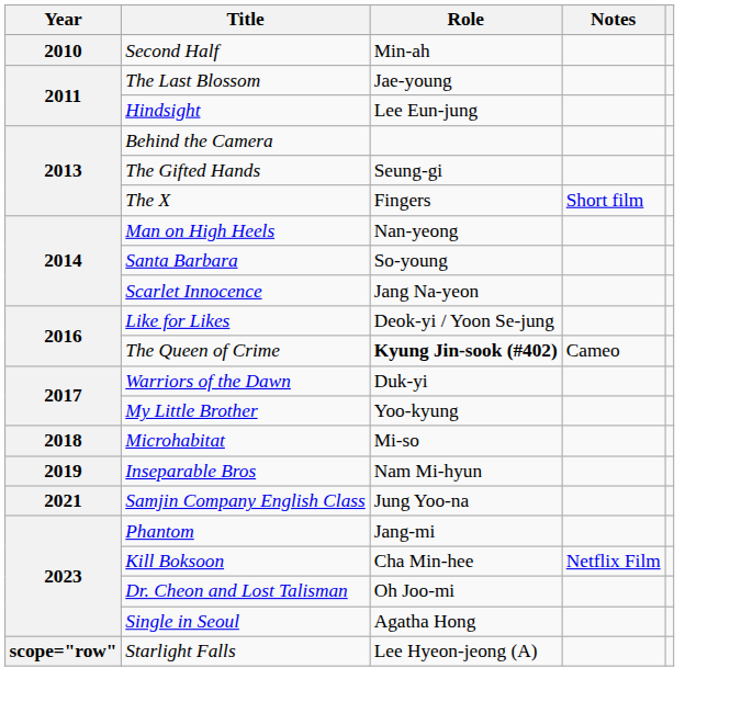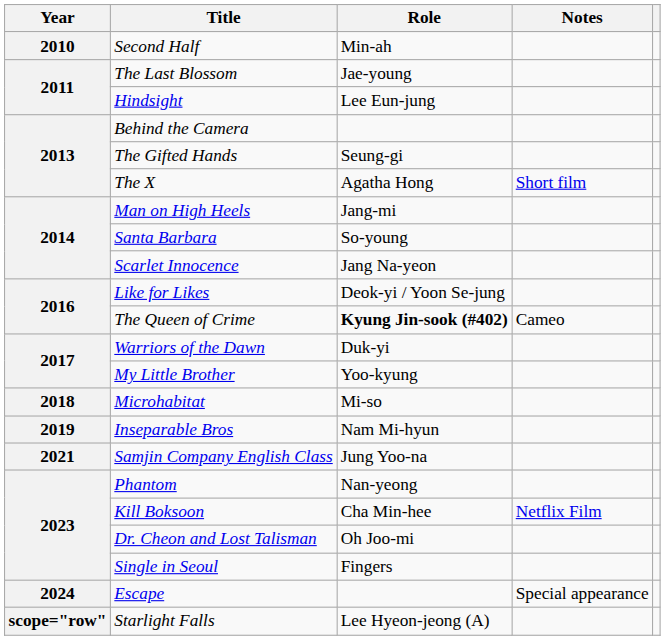 <table class="wikitable plainrowheaders sortable">
 <tr>
 <th scope="col">Year</th>
 <th scope="col">Title</th>
 <th scope="col">Role</th>
 <th scope="col">Notes</th>
 <th scope="col" class="unsortable"></th>
 </tr>
 <tr>
 <th scope="row">2010</th>
 <td><em>Second Half</em></td>
 <td>Min-ah</td>
 <td></td>
 <td style="text-align:center"></td>
 </tr>
 <tr>
 <th scope="row"  rowspan="2">2011</th>
 <td><em>The Last Blossom</em></td>
 <td>Jae-young</td>
 <td></td>
 <td style="text-align:center"></td>
 </tr>
 <tr>
 <td><em><a href='#'>Hindsight</a></em></td>
 <td>Lee Eun-jung</td>
 <td></td>
 <td style="text-align:center"></td>
 </tr>
 <tr>
 <th scope="row" rowspan="3">2013</th>
 <td><em>Behind the Camera</em></td>
 <td></td>
 <td></td>
 <td style="text-align:center"></td>
 </tr>
 <tr>
 <td><em>The Gifted Hands</em></td>
 <td>Seung-gi</td>
 <td></td>
 <td style="text-align:center"></td>
 </tr>
 <tr>
 <td><em>The X</em></td>
-<td>Fingers</td>
+<td>Agatha Hong</td>
 <td><a href='#'>Short film</a></td>
 <td style="text-align:center"></td>
 </tr>
 <tr>
 <th scope="row" rowspan="3">2014</th>
 <td><em><a href='#'>Man on High Heels</a></em></td>
-<td>Nan-yeong</td>
+<td>Jang-mi</td>
 <td></td>
 <td style="text-align:center"></td>
 </tr>
 <tr>
 <td><em><a href='#'>Santa Barbara</a></em></td>
 <td>So-young</td>
 <td></td>
 <td style="text-align:center"></td>
 </tr>
 <tr>
 <td><em><a href='#'>Scarlet Innocence</a></em></td>
 <td>Jang Na-yeon</td>
 <td></td>
 <td style="text-align:center"></td>
 </tr>
 <tr>
 <th scope="row"  rowspan="2">2016</th>
 <td><em><a href='#'>Like for Likes</a></em></td>
 <td>Deok-yi / Yoon Se-jung</td>
 <td></td>
 <td style="text-align:center"></td>
 </tr>
 <tr>
 <td><em>The Queen of Crime</em></td>
 <td><strong>Kyung Jin-sook (#402)</strong></td>
 <td>Cameo</td>
 <td style="text-align:center"></td>
 </tr>
 <tr>
 <th scope="row"  rowspan="2">2017</th>
 <td><em><a href='#'>Warriors of the Dawn</a></em></td>
 <td>Duk-yi</td>
 <td></td>
 <td style="text-align:center"></td>
 </tr>
 <tr>
 <td><em><a href='#'>My Little Brother</a></em></td>
 <td>Yoo-kyung</td>
 <td></td>
 <td style="text-align:center"></td>
 </tr>
 <tr>
 <th scope="row">2018</th>
 <td><em><a href='#'>Microhabitat</a></em></td>
 <td>Mi-so</td>
 <td></td>
 <td style="text-align:center"></td>
 </tr>
 <tr>
 <th scope="row">2019</th>
 <td><em><a href='#'>Inseparable Bros</a></em></td>
 <td>Nam Mi-hyun</td>
 <td></td>
 <td style="text-align:center"></td>
 </tr>
 <tr>
 <th scope="row">2021</th>
 <td><em><a href='#'>Samjin Company English Class</a></em></td>
 <td>Jung Yoo-na</td>
 <td></td>
 <td style="text-align:center"></td>
 </tr>
 <tr>
 <th scope="row" rowspan="4">2023</th>
 <td><em><a href='#'>Phantom</a></em></td>
-<td>Jang-mi</td>
+<td>Nan-yeong</td>
 <td></td>
 <td style="text-align:center"></td>
 </tr>
 <tr>
 <td><em><a href='#'>Kill Boksoon</a></em></td>
 <td>Cha Min-hee</td>
 <td><a href='#'>Netflix Film</a></td>
 <td style="text-align:center"></td>
 </tr>
 <tr>
 <td><em><a href='#'>Dr. Cheon and Lost Talisman</a></em></td>
 <td>Oh Joo-mi</td>
 <td></td>
 <td style="text-align:center"></td>
 </tr>
 <tr>
 <td><em><a href='#'>Single in Seoul</a></em></td>
-<td>Agatha Hong</td>
+<td>Fingers</td>
 <td></td>
+<td style="text-align:center"></td>
+</tr>
+<tr>
+<th scope="row">2024</th>
+<td><em><a href='#'>Escape</a></em></td>
+<td></td>
+<td>Special appearance</td>
 <td style="text-align:center"></td>
 </tr>
 <tr>
 <th>scope="row" </th>
 <td><em>Starlight Falls</em></td>
 <td>Lee Hyeon-jeong (A)</td>
 <td></td>
 <td style="text-align:center"></td>
 </tr>
 </table>
